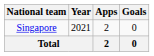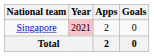 <table class="wikitable" style="text-align:center">
 <tr>
 <th>National team</th>
 <th>Year</th>
 <th>Apps</th>
 <th>Goals</th>
 </tr>
 <tr>
 <td><a href='#'>Singapore</a></td>
-<td>2021</td>
+<td style="background: pink;">2021</td>
 <td>2</td>
 <td>0</td>
 </tr>
 <tr>
 <th colspan="2">Total</th>
 <th>2</th>
 <th>0</th>
 </tr>
 </table>
